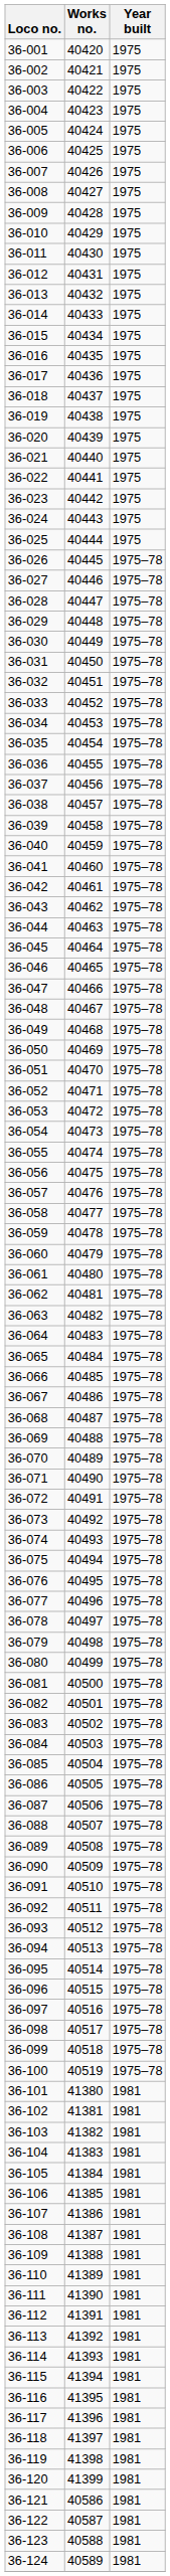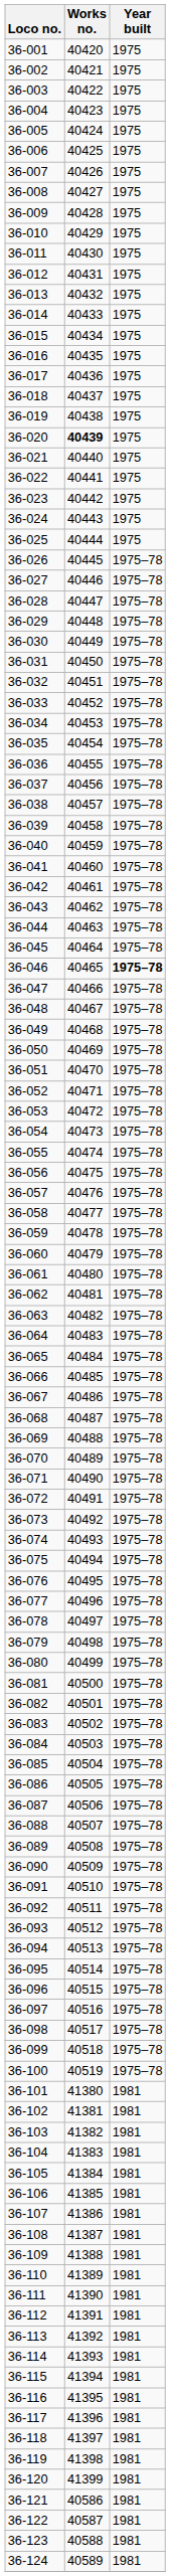 <table class="wikitable collapsible sortable collapsed" style="margin:0.5em auto; font-size:100%;">
 <tr>
 <th><br>Loco no.</th>
 <th>Works<br>no.</th>
 <th>Year<br>built</th>
 </tr>
 <tr>
 <td>36-001</td>
 <td>40420</td>
 <td>1975</td>
 </tr>
 <tr>
 <td>36-002</td>
 <td>40421</td>
 <td>1975</td>
 </tr>
 <tr>
 <td>36-003</td>
 <td>40422</td>
 <td>1975</td>
 </tr>
 <tr>
 <td>36-004</td>
 <td>40423</td>
 <td>1975</td>
 </tr>
 <tr>
 <td>36-005</td>
 <td>40424</td>
 <td>1975</td>
 </tr>
 <tr>
 <td>36-006</td>
 <td>40425</td>
 <td>1975</td>
 </tr>
 <tr>
 <td>36-007</td>
 <td>40426</td>
 <td>1975</td>
 </tr>
 <tr>
 <td>36-008</td>
 <td>40427</td>
 <td>1975</td>
 </tr>
 <tr>
 <td>36-009</td>
 <td>40428</td>
 <td>1975</td>
 </tr>
 <tr>
 <td>36-010</td>
 <td>40429</td>
 <td>1975</td>
 </tr>
 <tr>
 <td>36-011</td>
 <td>40430</td>
 <td>1975</td>
 </tr>
 <tr>
 <td>36-012</td>
 <td>40431</td>
 <td>1975</td>
 </tr>
 <tr>
 <td>36-013</td>
 <td>40432</td>
 <td>1975</td>
 </tr>
 <tr>
 <td>36-014</td>
 <td>40433</td>
 <td>1975</td>
 </tr>
 <tr>
 <td>36-015</td>
 <td>40434</td>
 <td>1975</td>
 </tr>
 <tr>
 <td>36-016</td>
 <td>40435</td>
 <td>1975</td>
 </tr>
 <tr>
 <td>36-017</td>
 <td>40436</td>
 <td>1975</td>
 </tr>
 <tr>
 <td>36-018</td>
 <td>40437</td>
 <td>1975</td>
 </tr>
 <tr>
 <td>36-019</td>
 <td>40438</td>
 <td>1975</td>
 </tr>
 <tr>
 <td>36-020</td>
-<td>40439</td>
+<td><strong>40439</strong></td>
 <td>1975</td>
 </tr>
 <tr>
 <td>36-021</td>
 <td>40440</td>
 <td>1975</td>
 </tr>
 <tr>
 <td>36-022</td>
 <td>40441</td>
 <td>1975</td>
 </tr>
 <tr>
 <td>36-023</td>
 <td>40442</td>
 <td>1975</td>
 </tr>
 <tr>
 <td>36-024</td>
 <td>40443</td>
 <td>1975</td>
 </tr>
 <tr>
 <td>36-025</td>
 <td>40444</td>
 <td>1975</td>
 </tr>
 <tr>
 <td>36-026</td>
 <td>40445</td>
 <td>1975–78</td>
 </tr>
 <tr>
 <td>36-027</td>
 <td>40446</td>
 <td>1975–78</td>
 </tr>
 <tr>
 <td>36-028</td>
 <td>40447</td>
 <td>1975–78</td>
 </tr>
 <tr>
 <td>36-029</td>
 <td>40448</td>
 <td>1975–78</td>
 </tr>
 <tr>
 <td>36-030</td>
 <td>40449</td>
 <td>1975–78</td>
 </tr>
 <tr>
 <td>36-031</td>
 <td>40450</td>
 <td>1975–78</td>
 </tr>
 <tr>
 <td>36-032</td>
 <td>40451</td>
 <td>1975–78</td>
 </tr>
 <tr>
 <td>36-033</td>
 <td>40452</td>
 <td>1975–78</td>
 </tr>
 <tr>
 <td>36-034</td>
 <td>40453</td>
 <td>1975–78</td>
 </tr>
 <tr>
 <td>36-035</td>
 <td>40454</td>
 <td>1975–78</td>
 </tr>
 <tr>
 <td>36-036</td>
 <td>40455</td>
 <td>1975–78</td>
 </tr>
 <tr>
 <td>36-037</td>
 <td>40456</td>
 <td>1975–78</td>
 </tr>
 <tr>
 <td>36-038</td>
 <td>40457</td>
 <td>1975–78</td>
 </tr>
 <tr>
 <td>36-039</td>
 <td>40458</td>
 <td>1975–78</td>
 </tr>
 <tr>
 <td>36-040</td>
 <td>40459</td>
 <td>1975–78</td>
 </tr>
 <tr>
 <td>36-041</td>
 <td>40460</td>
 <td>1975–78</td>
 </tr>
 <tr>
 <td>36-042</td>
 <td>40461</td>
 <td>1975–78</td>
 </tr>
 <tr>
 <td>36-043</td>
 <td>40462</td>
 <td>1975–78</td>
 </tr>
 <tr>
 <td>36-044</td>
 <td>40463</td>
 <td>1975–78</td>
 </tr>
 <tr>
 <td>36-045</td>
 <td>40464</td>
 <td>1975–78</td>
 </tr>
 <tr>
 <td>36-046</td>
 <td>40465</td>
-<td>1975–78</td>
+<td><strong>1975–78</strong></td>
 </tr>
 <tr>
 <td>36-047</td>
 <td>40466</td>
 <td>1975–78</td>
 </tr>
 <tr>
 <td>36-048</td>
 <td>40467</td>
 <td>1975–78</td>
 </tr>
 <tr>
 <td>36-049</td>
 <td>40468</td>
 <td>1975–78</td>
 </tr>
 <tr>
 <td>36-050</td>
 <td>40469</td>
 <td>1975–78</td>
 </tr>
 <tr>
 <td>36-051</td>
 <td>40470</td>
 <td>1975–78</td>
 </tr>
 <tr>
 <td>36-052</td>
 <td>40471</td>
 <td>1975–78</td>
 </tr>
 <tr>
 <td>36-053</td>
 <td>40472</td>
 <td>1975–78</td>
 </tr>
 <tr>
 <td>36-054</td>
 <td>40473</td>
 <td>1975–78</td>
 </tr>
 <tr>
 <td>36-055</td>
 <td>40474</td>
 <td>1975–78</td>
 </tr>
 <tr>
 <td>36-056</td>
 <td>40475</td>
 <td>1975–78</td>
 </tr>
 <tr>
 <td>36-057</td>
 <td>40476</td>
 <td>1975–78</td>
 </tr>
 <tr>
 <td>36-058</td>
 <td>40477</td>
 <td>1975–78</td>
 </tr>
 <tr>
 <td>36-059</td>
 <td>40478</td>
 <td>1975–78</td>
 </tr>
 <tr>
 <td>36-060</td>
 <td>40479</td>
 <td>1975–78</td>
 </tr>
 <tr>
 <td>36-061</td>
 <td>40480</td>
 <td>1975–78</td>
 </tr>
 <tr>
 <td>36-062</td>
 <td>40481</td>
 <td>1975–78</td>
 </tr>
 <tr>
 <td>36-063</td>
 <td>40482</td>
 <td>1975–78</td>
 </tr>
 <tr>
 <td>36-064</td>
 <td>40483</td>
 <td>1975–78</td>
 </tr>
 <tr>
 <td>36-065</td>
 <td>40484</td>
 <td>1975–78</td>
 </tr>
 <tr>
 <td>36-066</td>
 <td>40485</td>
 <td>1975–78</td>
 </tr>
 <tr>
 <td>36-067</td>
 <td>40486</td>
 <td>1975–78</td>
 </tr>
 <tr>
 <td>36-068</td>
 <td>40487</td>
 <td>1975–78</td>
 </tr>
 <tr>
 <td>36-069</td>
 <td>40488</td>
 <td>1975–78</td>
 </tr>
 <tr>
 <td>36-070</td>
 <td>40489</td>
 <td>1975–78</td>
 </tr>
 <tr>
 <td>36-071</td>
 <td>40490</td>
 <td>1975–78</td>
 </tr>
 <tr>
 <td>36-072</td>
 <td>40491</td>
 <td>1975–78</td>
 </tr>
 <tr>
 <td>36-073</td>
 <td>40492</td>
 <td>1975–78</td>
 </tr>
 <tr>
 <td>36-074</td>
 <td>40493</td>
 <td>1975–78</td>
 </tr>
 <tr>
 <td>36-075</td>
 <td>40494</td>
 <td>1975–78</td>
 </tr>
 <tr>
 <td>36-076</td>
 <td>40495</td>
 <td>1975–78</td>
 </tr>
 <tr>
 <td>36-077</td>
 <td>40496</td>
 <td>1975–78</td>
 </tr>
 <tr>
 <td>36-078</td>
 <td>40497</td>
 <td>1975–78</td>
 </tr>
 <tr>
 <td>36-079</td>
 <td>40498</td>
 <td>1975–78</td>
 </tr>
 <tr>
 <td>36-080</td>
 <td>40499</td>
 <td>1975–78</td>
 </tr>
 <tr>
 <td>36-081</td>
 <td>40500</td>
 <td>1975–78</td>
 </tr>
 <tr>
 <td>36-082</td>
 <td>40501</td>
 <td>1975–78</td>
 </tr>
 <tr>
 <td>36-083</td>
 <td>40502</td>
 <td>1975–78</td>
 </tr>
 <tr>
 <td>36-084</td>
 <td>40503</td>
 <td>1975–78</td>
 </tr>
 <tr>
 <td>36-085</td>
 <td>40504</td>
 <td>1975–78</td>
 </tr>
 <tr>
 <td>36-086</td>
 <td>40505</td>
 <td>1975–78</td>
 </tr>
 <tr>
 <td>36-087</td>
 <td>40506</td>
 <td>1975–78</td>
 </tr>
 <tr>
 <td>36-088</td>
 <td>40507</td>
 <td>1975–78</td>
 </tr>
 <tr>
 <td>36-089</td>
 <td>40508</td>
 <td>1975–78</td>
 </tr>
 <tr>
 <td>36-090</td>
 <td>40509</td>
 <td>1975–78</td>
 </tr>
 <tr>
 <td>36-091</td>
 <td>40510</td>
 <td>1975–78</td>
 </tr>
 <tr>
 <td>36-092</td>
 <td>40511</td>
 <td>1975–78</td>
 </tr>
 <tr>
 <td>36-093</td>
 <td>40512</td>
 <td>1975–78</td>
 </tr>
 <tr>
 <td>36-094</td>
 <td>40513</td>
 <td>1975–78</td>
 </tr>
 <tr>
 <td>36-095</td>
 <td>40514</td>
 <td>1975–78</td>
 </tr>
 <tr>
 <td>36-096</td>
 <td>40515</td>
 <td>1975–78</td>
 </tr>
 <tr>
 <td>36-097</td>
 <td>40516</td>
 <td>1975–78</td>
 </tr>
 <tr>
 <td>36-098</td>
 <td>40517</td>
 <td>1975–78</td>
 </tr>
 <tr>
 <td>36-099</td>
 <td>40518</td>
 <td>1975–78</td>
 </tr>
 <tr>
 <td>36-100</td>
 <td>40519</td>
 <td>1975–78</td>
 </tr>
 <tr>
 <td>36-101</td>
 <td>41380</td>
 <td>1981</td>
 </tr>
 <tr>
 <td>36-102</td>
 <td>41381</td>
 <td>1981</td>
 </tr>
 <tr>
 <td>36-103</td>
 <td>41382</td>
 <td>1981</td>
 </tr>
 <tr>
 <td>36-104</td>
 <td>41383</td>
 <td>1981</td>
 </tr>
 <tr>
 <td>36-105</td>
 <td>41384</td>
 <td>1981</td>
 </tr>
 <tr>
 <td>36-106</td>
 <td>41385</td>
 <td>1981</td>
 </tr>
 <tr>
 <td>36-107</td>
 <td>41386</td>
 <td>1981</td>
 </tr>
 <tr>
 <td>36-108</td>
 <td>41387</td>
 <td>1981</td>
 </tr>
 <tr>
 <td>36-109</td>
 <td>41388</td>
 <td>1981</td>
 </tr>
 <tr>
 <td>36-110</td>
 <td>41389</td>
 <td>1981</td>
 </tr>
 <tr>
 <td>36-111</td>
 <td>41390</td>
 <td>1981</td>
 </tr>
 <tr>
 <td>36-112</td>
 <td>41391</td>
 <td>1981</td>
 </tr>
 <tr>
 <td>36-113</td>
 <td>41392</td>
 <td>1981</td>
 </tr>
 <tr>
 <td>36-114</td>
 <td>41393</td>
 <td>1981</td>
 </tr>
 <tr>
 <td>36-115</td>
 <td>41394</td>
 <td>1981</td>
 </tr>
 <tr>
 <td>36-116</td>
 <td>41395</td>
 <td>1981</td>
 </tr>
 <tr>
 <td>36-117</td>
 <td>41396</td>
 <td>1981</td>
 </tr>
 <tr>
 <td>36-118</td>
 <td>41397</td>
 <td>1981</td>
 </tr>
 <tr>
 <td>36-119</td>
 <td>41398</td>
 <td>1981</td>
 </tr>
 <tr>
 <td>36-120</td>
 <td>41399</td>
 <td>1981</td>
 </tr>
 <tr>
 <td>36-121</td>
 <td>40586</td>
 <td>1981</td>
 </tr>
 <tr>
 <td>36-122</td>
 <td>40587</td>
 <td>1981</td>
 </tr>
 <tr>
 <td>36-123</td>
 <td>40588</td>
 <td>1981</td>
 </tr>
 <tr>
 <td>36-124</td>
 <td>40589</td>
 <td>1981</td>
 </tr>
 <tr>
 </tr>
 </table>
